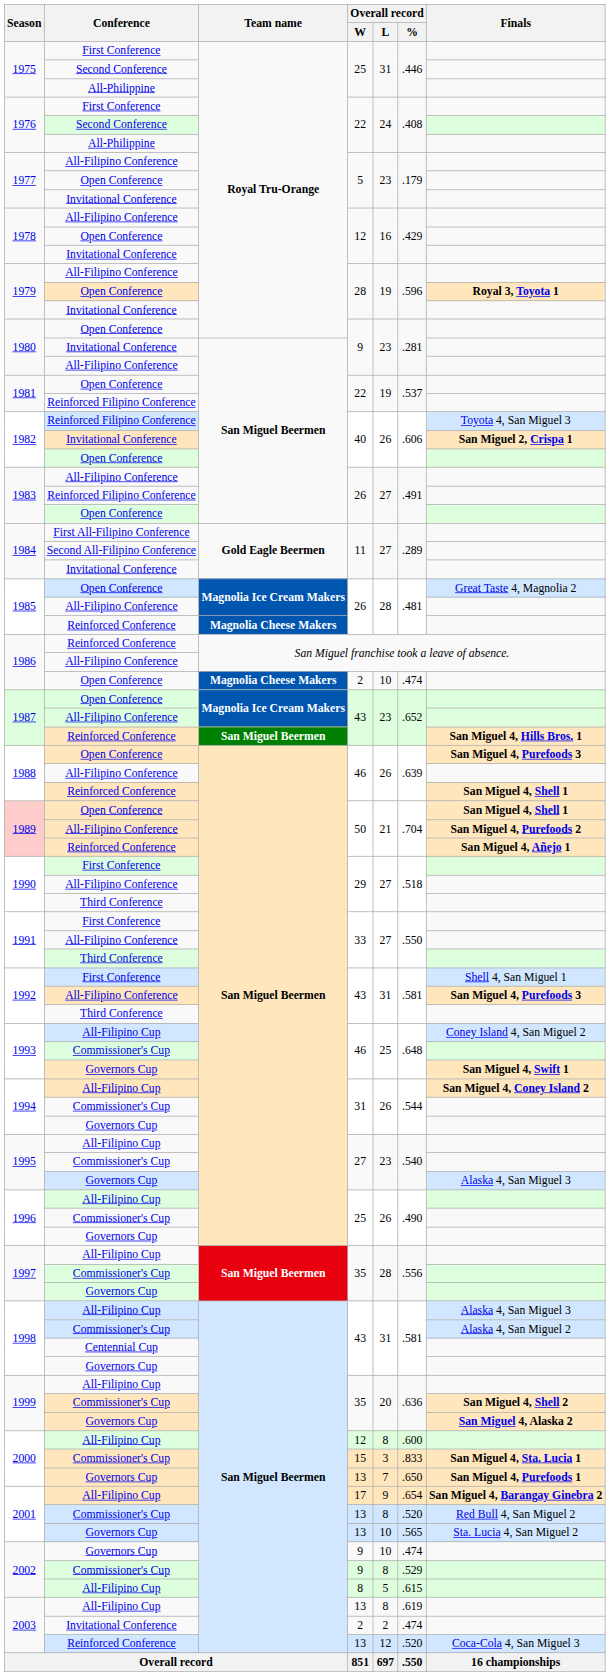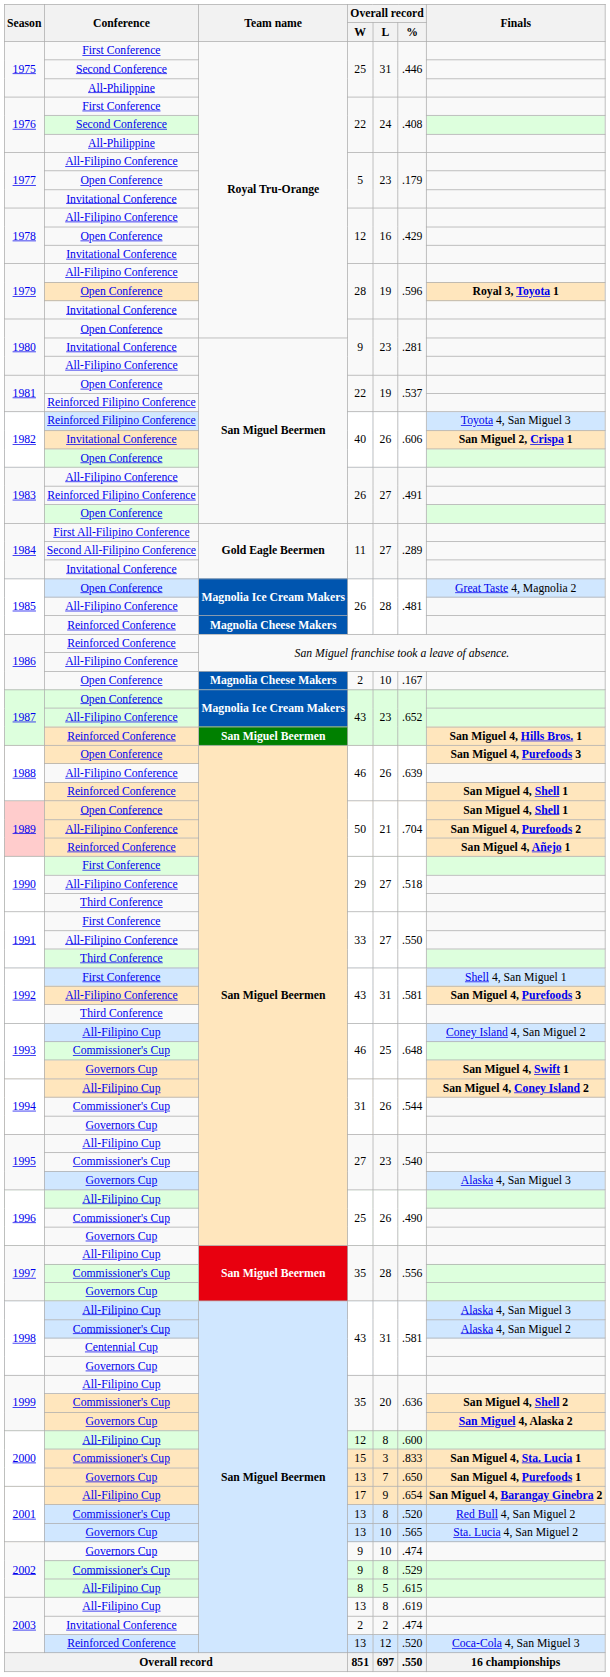 <table class=wikitable style="text-align:center;">
 <tr>
 <th rowspan=2>Season</th>
 <th rowspan=2>Conference</th>
 <th rowspan=2>Team name</th>
 <th colspan=3>Overall record</th>
 <th rowspan=2>Finals</th>
 </tr>
 <tr>
 <th>W</th>
 <th>L</th>
 <th>%</th>
 </tr>
 <tr>
 <td rowspan=3><a href='#'>1975</a></td>
 <td><a href='#'>First Conference</a></td>
 <td rowspan=16><strong>Royal Tru-Orange</strong></td>
 <td rowspan=3>25</td>
 <td rowspan=3>31</td>
 <td rowspan=3>.446</td>
 <td></td>
 </tr>
 <tr>
 <td><a href='#'>Second Conference</a></td>
 <td></td>
 </tr>
 <tr>
 <td><a href='#'>All-Philippine</a></td>
 <td></td>
 </tr>
 <tr>
 <td rowspan=3><a href='#'>1976</a></td>
 <td><a href='#'>First Conference</a></td>
 <td rowspan=3>22</td>
 <td rowspan=3>24</td>
 <td rowspan=3>.408</td>
 <td></td>
 </tr>
 <tr bgcolor=#DDFFDD>
 <td><a href='#'>Second Conference</a></td>
 <td></td>
 </tr>
 <tr>
 <td><a href='#'>All-Philippine</a></td>
 <td></td>
 </tr>
 <tr>
 <td rowspan=3><a href='#'>1977</a></td>
 <td><a href='#'>All-Filipino Conference</a></td>
 <td rowspan=3>5</td>
 <td rowspan=3>23</td>
 <td rowspan=3>.179</td>
 <td></td>
 </tr>
 <tr>
 <td><a href='#'>Open Conference</a></td>
 <td></td>
 </tr>
 <tr>
 <td><a href='#'>Invitational Conference</a></td>
 <td></td>
 </tr>
 <tr>
 <td rowspan=3><a href='#'>1978</a></td>
 <td><a href='#'>All-Filipino Conference</a></td>
 <td rowspan=3>12</td>
 <td rowspan=3>16</td>
 <td rowspan=3>.429</td>
 <td></td>
 </tr>
 <tr>
 <td><a href='#'>Open Conference</a></td>
 <td></td>
 </tr>
 <tr>
 <td><a href='#'>Invitational Conference</a></td>
 <td></td>
 </tr>
 <tr>
 <td rowspan=3><a href='#'>1979</a></td>
 <td><a href='#'>All-Filipino Conference</a></td>
 <td rowspan=3>28</td>
 <td rowspan=3>19</td>
 <td rowspan=3>.596</td>
 <td></td>
 </tr>
 <tr bgcolor=#FFE6BD>
 <td><a href='#'>Open Conference</a></td>
 <td><strong>Royal 3, <a href='#'>Toyota</a> 1</strong></td>
 </tr>
 <tr>
 <td><a href='#'>Invitational Conference</a></td>
 <td></td>
 </tr>
 <tr>
 <td rowspan=3><a href='#'>1980</a></td>
 <td><a href='#'>Open Conference</a></td>
 <td rowspan=3>9</td>
 <td rowspan=3>23</td>
 <td rowspan=3>.281</td>
 <td></td>
 </tr>
 <tr>
 <td><a href='#'>Invitational Conference</a></td>
 <td rowspan=10><strong>San Miguel Beermen</strong></td>
 <td></td>
 </tr>
 <tr>
 <td><a href='#'>All-Filipino Conference</a></td>
 <td></td>
 </tr>
 <tr>
 <td rowspan=2><a href='#'>1981</a></td>
 <td><a href='#'>Open Conference</a></td>
 <td rowspan=2>22</td>
 <td rowspan=2>19</td>
 <td rowspan=2>.537</td>
 <td></td>
 </tr>
 <tr>
 <td><a href='#'>Reinforced Filipino Conference</a></td>
 <td></td>
 </tr>
 <tr bgcolor=#D0E7FF>
 <td bgcolor=white rowspan=3><a href='#'>1982</a></td>
 <td><a href='#'>Reinforced Filipino Conference</a></td>
 <td bgcolor=white rowspan=3>40</td>
 <td bgcolor=white rowspan=3>26</td>
 <td bgcolor=white rowspan=3>.606</td>
 <td><a href='#'>Toyota</a> 4, San Miguel 3</td>
 </tr>
 <tr bgcolor=#FFE6BD>
 <td><a href='#'>Invitational Conference</a></td>
 <td><strong>San Miguel 2, <a href='#'>Crispa</a> 1</strong></td>
 </tr>
 <tr bgcolor=#DDFFDD>
 <td><a href='#'>Open Conference</a></td>
 <td></td>
 </tr>
 <tr>
 <td rowspan=3><a href='#'>1983</a></td>
 <td><a href='#'>All-Filipino Conference</a></td>
 <td rowspan=3>26</td>
 <td rowspan=3>27</td>
 <td rowspan=3>.491</td>
 <td></td>
 </tr>
 <tr>
 <td><a href='#'>Reinforced Filipino Conference</a></td>
 <td></td>
 </tr>
 <tr bgcolor=#DDFFDD>
 <td><a href='#'>Open Conference</a></td>
 <td></td>
 </tr>
 <tr>
 <td rowspan=3><a href='#'>1984</a></td>
 <td><a href='#'>First All-Filipino Conference</a></td>
 <td rowspan=3><strong>Gold Eagle Beermen</strong></td>
 <td rowspan=3>11</td>
 <td rowspan=3>27</td>
 <td rowspan=3>.289</td>
 <td></td>
 </tr>
 <tr>
 <td><a href='#'>Second All-Filipino Conference</a></td>
 <td></td>
 </tr>
 <tr>
 <td><a href='#'>Invitational Conference</a></td>
 <td></td>
 </tr>
 <tr bgcolor=#D0E7FF>
 <td bgcolor=white rowspan=3><a href='#'>1985</a></td>
 <td><a href='#'>Open Conference</a></td>
 <td rowspan=2 style="background:#0055AF; color:#FFFFFF; "><span><strong>Magnolia Ice Cream Makers</strong></span></td>
 <td bgcolor=white rowspan=3>26</td>
 <td bgcolor=white rowspan=3>28</td>
 <td bgcolor=white rowspan=3>.481</td>
 <td><a href='#'>Great Taste</a> 4, Magnolia 2</td>
 </tr>
 <tr>
 <td><a href='#'>All-Filipino Conference</a></td>
 <td></td>
 </tr>
 <tr>
 <td><a href='#'>Reinforced Conference</a></td>
 <td style="background:#0055AF; color:#FFFFFF; "><span><strong>Magnolia Cheese Makers</strong></span></td>
 <td></td>
 </tr>
 <tr>
 <td rowspan=3><a href='#'>1986</a></td>
 <td><a href='#'>Reinforced Conference</a></td>
 <td rowspan=2 colspan=5 align=center><em>San Miguel franchise took a leave of absence.</em></td>
 </tr>
 <tr>
 <td><a href='#'>All-Filipino Conference</a></td>
 </tr>
 <tr>
 <td><a href='#'>Open Conference</a></td>
 <td style="background:#0055AF; color:#FFFFFF; "><span><strong>Magnolia Cheese Makers</strong></span></td>
 <td>2</td>
 <td>10</td>
-<td>.474</td>
+<td>.167</td>
 <td></td>
 </tr>
 <tr bgcolor=#DDFFDD>
 <td rowspan=3><a href='#'>1987</a></td>
 <td><a href='#'>Open Conference</a></td>
 <td rowspan=2 style="background:#0055AF; color:#FFFFFF; "><span><strong>Magnolia Ice Cream Makers</strong></span></td>
 <td rowspan=3>43</td>
 <td rowspan=3>23</td>
 <td rowspan=3>.652</td>
 <td></td>
 </tr>
 <tr bgcolor=#DDFFDD>
 <td><a href='#'>All-Filipino Conference</a></td>
 <td></td>
 </tr>
 <tr bgcolor=#FFE6BD>
 <td><a href='#'>Reinforced Conference</a></td>
 <td style="background:#008000; color:#FFFFFF; "><span><strong>San Miguel Beermen</strong></span></td>
 <td><strong>San Miguel 4, <a href='#'>Hills Bros.</a> 1</strong></td>
 </tr>
 <tr bgcolor=#FFE6BD>
 <td bgcolor=white rowspan=3><a href='#'>1988</a></td>
 <td><a href='#'>Open Conference</a></td>
 <td rowspan=27><strong>San Miguel Beermen</strong></td>
 <td bgcolor=white rowspan=3>46</td>
 <td bgcolor=white rowspan=3>26</td>
 <td bgcolor=white rowspan=3>.639</td>
 <td><strong>San Miguel 4, <a href='#'>Purefoods</a> 3</strong></td>
 </tr>
 <tr>
 <td><a href='#'>All-Filipino Conference</a></td>
 <td></td>
 </tr>
 <tr bgcolor=#FFE6BD>
 <td><a href='#'>Reinforced Conference</a></td>
 <td><strong>San Miguel 4, <a href='#'>Shell</a> 1</strong></td>
 </tr>
 <tr bgcolor=#FFE6BD>
 <td bgcolor=#FFCCCC rowspan=3><a href='#'>1989</a></td>
 <td><a href='#'>Open Conference</a></td>
 <td bgcolor=white rowspan=3>50</td>
 <td bgcolor=white rowspan=3>21</td>
 <td bgcolor=white rowspan=3>.704</td>
 <td><strong>San Miguel 4, <a href='#'>Shell</a> 1</strong></td>
 </tr>
 <tr bgcolor=#FFE6BD>
 <td><a href='#'>All-Filipino Conference</a></td>
 <td><strong>San Miguel 4, <a href='#'>Purefoods</a> 2</strong></td>
 </tr>
 <tr bgcolor=#FFE6BD>
 <td><a href='#'>Reinforced Conference</a></td>
 <td><strong>San Miguel 4, <a href='#'>Añejo</a> 1</strong></td>
 </tr>
 <tr bgcolor=#DDFFDD>
 <td bgcolor=white rowspan=3><a href='#'>1990</a></td>
 <td><a href='#'>First Conference</a></td>
 <td bgcolor=white rowspan=3>29</td>
 <td bgcolor=white rowspan=3>27</td>
 <td bgcolor=white rowspan=3>.518</td>
 <td></td>
 </tr>
 <tr>
 <td><a href='#'>All-Filipino Conference</a></td>
 <td></td>
 </tr>
 <tr>
 <td><a href='#'>Third Conference</a></td>
 <td></td>
 </tr>
 <tr>
 <td bgcolor=white rowspan=3><a href='#'>1991</a></td>
 <td><a href='#'>First Conference</a></td>
 <td bgcolor=white rowspan=3>33</td>
 <td bgcolor=white rowspan=3>27</td>
 <td bgcolor=white rowspan=3>.550</td>
 <td></td>
 </tr>
 <tr>
 <td><a href='#'>All-Filipino Conference</a></td>
 <td></td>
 </tr>
 <tr bgcolor=#DDFFDD>
 <td><a href='#'>Third Conference</a></td>
 <td></td>
 </tr>
 <tr bgcolor=#D0E7FF>
 <td bgcolor=white rowspan=3><a href='#'>1992</a></td>
 <td><a href='#'>First Conference</a></td>
 <td bgcolor=white rowspan=3>43</td>
 <td bgcolor=white rowspan=3>31</td>
 <td bgcolor=white rowspan=3>.581</td>
 <td><a href='#'>Shell</a> 4, San Miguel 1</td>
 </tr>
 <tr bgcolor=#FFE6BD>
 <td><a href='#'>All-Filipino Conference</a></td>
 <td><strong>San Miguel 4, <a href='#'>Purefoods</a> 3</strong></td>
 </tr>
 <tr>
 <td><a href='#'>Third Conference</a></td>
 <td></td>
 </tr>
 <tr bgcolor=#D0E7FF>
 <td bgcolor=white rowspan=3><a href='#'>1993</a></td>
 <td><a href='#'>All-Filipino Cup</a></td>
 <td bgcolor=white rowspan=3>46</td>
 <td bgcolor=white rowspan=3>25</td>
 <td bgcolor=white rowspan=3>.648</td>
 <td><a href='#'>Coney Island</a> 4, San Miguel 2</td>
 </tr>
 <tr bgcolor=#DDFFDD>
 <td><a href='#'>Commissioner's Cup</a></td>
 <td></td>
 </tr>
 <tr bgcolor=#FFE6BD>
 <td><a href='#'>Governors Cup</a></td>
 <td><strong>San Miguel 4, <a href='#'>Swift</a> 1</strong></td>
 </tr>
 <tr bgcolor=#FFE6BD>
 <td bgcolor=white rowspan=3><a href='#'>1994</a></td>
 <td><a href='#'>All-Filipino Cup</a></td>
 <td bgcolor=white rowspan=3>31</td>
 <td bgcolor=white rowspan=3>26</td>
 <td bgcolor=white rowspan=3>.544</td>
 <td><strong>San Miguel 4, <a href='#'>Coney Island</a> 2</strong></td>
 </tr>
 <tr>
 <td><a href='#'>Commissioner's Cup</a></td>
 <td></td>
 </tr>
 <tr>
 <td><a href='#'>Governors Cup</a></td>
 <td></td>
 </tr>
 <tr>
 <td rowspan=3><a href='#'>1995</a></td>
 <td><a href='#'>All-Filipino Cup</a></td>
 <td rowspan=3>27</td>
 <td rowspan=3>23</td>
 <td rowspan=3>.540</td>
 <td></td>
 </tr>
 <tr>
 <td><a href='#'>Commissioner's Cup</a></td>
 <td></td>
 </tr>
 <tr bgcolor=#D0E7FF>
 <td><a href='#'>Governors Cup</a></td>
 <td><a href='#'>Alaska</a> 4, San Miguel 3</td>
 </tr>
 <tr bgcolor=#DDFFDD>
 <td bgcolor=white rowspan=3><a href='#'>1996</a></td>
 <td><a href='#'>All-Filipino Cup</a></td>
 <td bgcolor=white rowspan=3>25</td>
 <td bgcolor=white rowspan=3>26</td>
 <td bgcolor=white rowspan=3>.490</td>
 <td></td>
 </tr>
 <tr>
 <td><a href='#'>Commissioner's Cup</a></td>
 <td></td>
 </tr>
 <tr>
 <td><a href='#'>Governors Cup</a></td>
 <td></td>
 </tr>
 <tr>
 <td rowspan=3><a href='#'>1997</a></td>
 <td><a href='#'>All-Filipino Cup</a></td>
 <td rowspan=3 style="background:#E8000F; color:#FFFFFF; "><span><strong>San Miguel Beermen</strong></span></td>
 <td rowspan=3>35</td>
 <td rowspan=3>28</td>
 <td rowspan=3>.556</td>
 <td></td>
 </tr>
 <tr bgcolor=#DDFFDD>
 <td><a href='#'>Commissioner's Cup</a></td>
 <td></td>
 </tr>
 <tr bgcolor=#DDFFDD>
 <td><a href='#'>Governors Cup</a></td>
 <td></td>
 </tr>
 <tr bgcolor=#D0E7FF>
 <td bgcolor=white rowspan=4><a href='#'>1998</a></td>
 <td><a href='#'>All-Filipino Cup</a></td>
 <td rowspan=19><strong>San Miguel Beermen</strong></td>
 <td bgcolor=white rowspan=4>43</td>
 <td bgcolor=white rowspan=4>31</td>
 <td bgcolor=white rowspan=4>.581</td>
 <td><a href='#'>Alaska</a> 4, San Miguel 3</td>
 </tr>
 <tr bgcolor=#D0E7FF>
 <td><a href='#'>Commissioner's Cup</a></td>
 <td><a href='#'>Alaska</a> 4, San Miguel 2</td>
 </tr>
 <tr>
 <td><a href='#'>Centennial Cup</a></td>
 <td></td>
 </tr>
 <tr>
 <td><a href='#'>Governors Cup</a></td>
 <td></td>
 </tr>
 <tr>
 <td rowspan=3><a href='#'>1999</a></td>
 <td><a href='#'>All-Filipino Cup</a></td>
 <td rowspan=3>35</td>
 <td rowspan=3>20</td>
 <td rowspan=3>.636</td>
 <td></td>
 </tr>
 <tr bgcolor=#FFE6BD>
 <td><a href='#'>Commissioner's Cup</a></td>
 <td><strong>San Miguel 4, <a href='#'>Shell</a> 2</strong></td>
 </tr>
 <tr bgcolor=#FFE6BD>
 <td><a href='#'>Governors Cup</a></td>
 <td><strong><a href='#'>San Miguel</a> 4, Alaska 2</strong></td>
 </tr>
 <tr bgcolor=#DDFFDD>
 <td bgcolor=white rowspan=3><a href='#'>2000</a></td>
 <td><a href='#'>All-Filipino Cup</a></td>
 <td>12</td>
 <td>8</td>
 <td>.600</td>
 <td></td>
 </tr>
 <tr bgcolor=#FFE6BD>
 <td><a href='#'>Commissioner's Cup</a></td>
 <td>15</td>
 <td>3</td>
 <td>.833</td>
 <td><strong>San Miguel 4, <a href='#'>Sta. Lucia</a> 1</strong></td>
 </tr>
 <tr bgcolor=#FFE6BD>
 <td><a href='#'>Governors Cup</a></td>
 <td>13</td>
 <td>7</td>
 <td>.650</td>
 <td><strong>San Miguel 4, <a href='#'>Purefoods</a> 1</strong></td>
 </tr>
 <tr bgcolor=#FFE6BD>
 <td bgcolor=white rowspan=3><a href='#'>2001</a></td>
 <td><a href='#'>All-Filipino Cup</a></td>
 <td>17</td>
 <td>9</td>
 <td>.654</td>
 <td><strong>San Miguel 4, <a href='#'>Barangay Ginebra</a> 2</strong></td>
 </tr>
 <tr bgcolor=#D0E7FF>
 <td><a href='#'>Commissioner's Cup</a></td>
 <td>13</td>
 <td>8</td>
 <td>.520</td>
 <td><a href='#'>Red Bull</a> 4, San Miguel 2</td>
 </tr>
 <tr bgcolor=#D0E7FF>
 <td><a href='#'>Governors Cup</a></td>
 <td>13</td>
 <td>10</td>
 <td>.565</td>
 <td><a href='#'>Sta. Lucia</a> 4, San Miguel 2</td>
 </tr>
 <tr>
 <td rowspan=3><a href='#'>2002</a></td>
 <td><a href='#'>Governors Cup</a></td>
 <td>9</td>
 <td>10</td>
 <td>.474</td>
 <td></td>
 </tr>
 <tr bgcolor=#DDFFDD>
 <td><a href='#'>Commissioner's Cup</a></td>
 <td>9</td>
 <td>8</td>
 <td>.529</td>
 <td></td>
 </tr>
 <tr bgcolor=#DDFFDD>
 <td><a href='#'>All-Filipino Cup</a></td>
 <td>8</td>
 <td>5</td>
 <td>.615</td>
 <td></td>
 </tr>
 <tr>
 <td rowspan=3><a href='#'>2003</a></td>
 <td><a href='#'>All-Filipino Cup</a></td>
 <td>13</td>
 <td>8</td>
 <td>.619</td>
 <td></td>
 </tr>
 <tr>
 <td><a href='#'>Invitational Conference</a></td>
 <td>2</td>
 <td>2</td>
 <td>.474</td>
 <td></td>
 </tr>
 <tr bgcolor=#D0E7FF>
 <td><a href='#'>Reinforced Conference</a></td>
 <td>13</td>
 <td>12</td>
 <td>.520</td>
 <td><a href='#'>Coca-Cola</a> 4, San Miguel 3</td>
 </tr>
 <tr>
 <th colspan=3>Overall record</th>
 <th>851</th>
 <th>697</th>
 <th>.550</th>
 <th>16 championships</th>
 </tr>
 </table>
